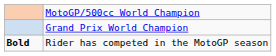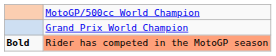 <table class="wikitable">
 <tr>
 <td style="text-align:center; width:47px; background:#FBCEB1;"></td>
 <td><a href='#'>MotoGP/500cc World Champion</a></td>
 </tr>
 <tr>
 <td style="text-align:center; width:47px; background:#CEDFF2;"></td>
 <td><a href='#'>Grand Prix World Champion</a></td>
 </tr>
 <tr>
 <td><strong>Bold</strong></td>
-<td>Rider has competed in the  MotoGP season</td>
+<td style="background: lightsalmon;">Rider has competed in the  MotoGP season</td>
 </tr>
 </table>
